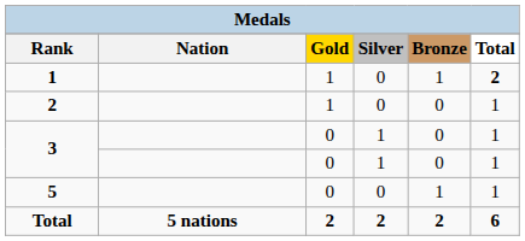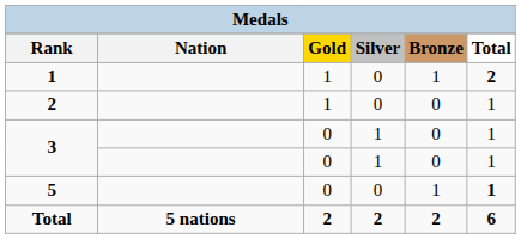 <table class="wikitable" style="text-align:center;">
 <tr>
 <td colspan="6" style="background:#BCD4E6"><strong>Medals</strong></td>
 </tr>
 <tr>
 </tr>
 <tr style="background-color:#EDEDED;">
 <th width=75px class="hintergrundfarbe5">Rank</th>
 <th width=175px class="hintergrundfarbe6">Nation</th>
 <th style="background:    gold; width:35px">Gold</th>
 <th style="background:  silver; width:35px">Silver</th>
 <th style="background: #CC9966; width:35px">Bronze</th>
 <th style="background:   white; width:35px">Total</th>
 </tr>
 <tr>
 <td><strong>1</strong></td>
 <td align=left></td>
 <td>1</td>
 <td>0</td>
 <td>1</td>
 <td><strong>2</strong></td>
 </tr>
 <tr>
 <td><strong>2</strong></td>
 <td align=left></td>
 <td>1</td>
 <td>0</td>
 <td>0</td>
 <td>1</td>
 </tr>
 <tr>
 <td rowspan="2"><strong>3</strong></td>
 <td align=left></td>
 <td>0</td>
 <td>1</td>
 <td>0</td>
 <td>1</td>
 </tr>
 <tr>
 <td align=left></td>
 <td>0</td>
 <td>1</td>
 <td>0</td>
 <td>1</td>
 </tr>
 <tr>
 <td><strong>5</strong></td>
 <td align=left></td>
 <td>0</td>
 <td>0</td>
 <td>1</td>
-<td>1</td>
+<td><strong>1</strong></td>
 </tr>
 <tr>
 <td><strong>Total</strong></td>
 <td><strong>5 nations</strong></td>
 <td><strong>2</strong></td>
 <td><strong>2</strong></td>
 <td><strong>2</strong></td>
 <td><strong>6</strong></td>
 </tr>
 </table>
